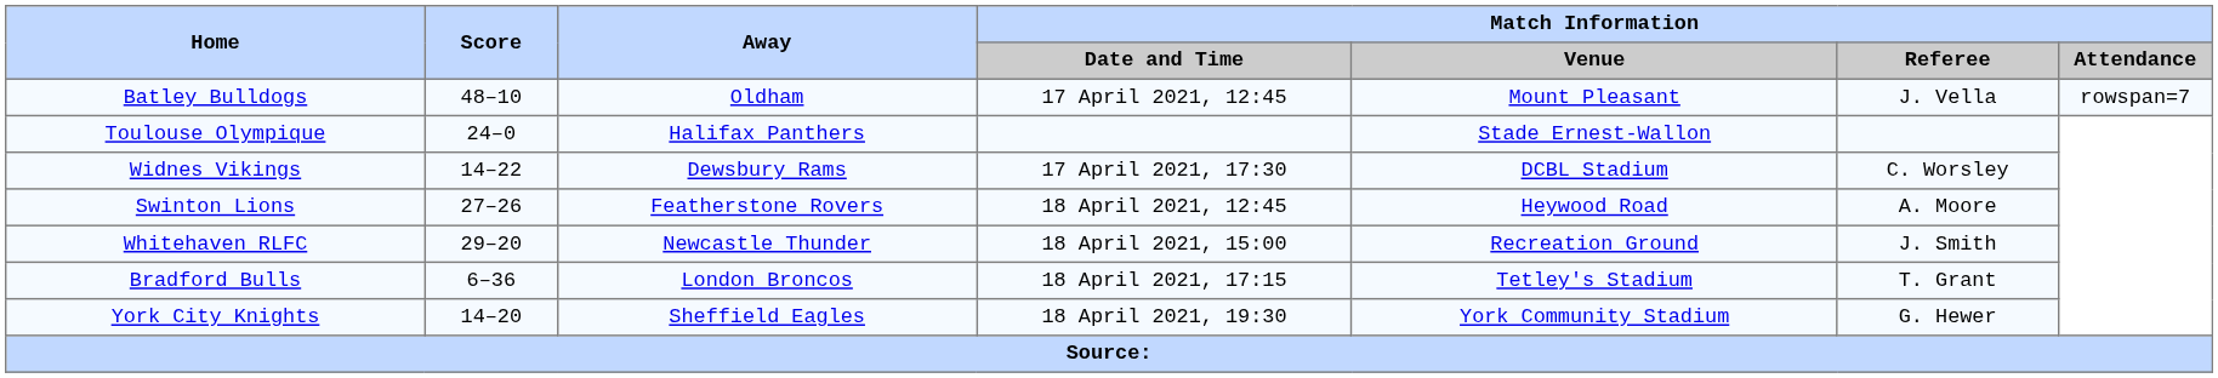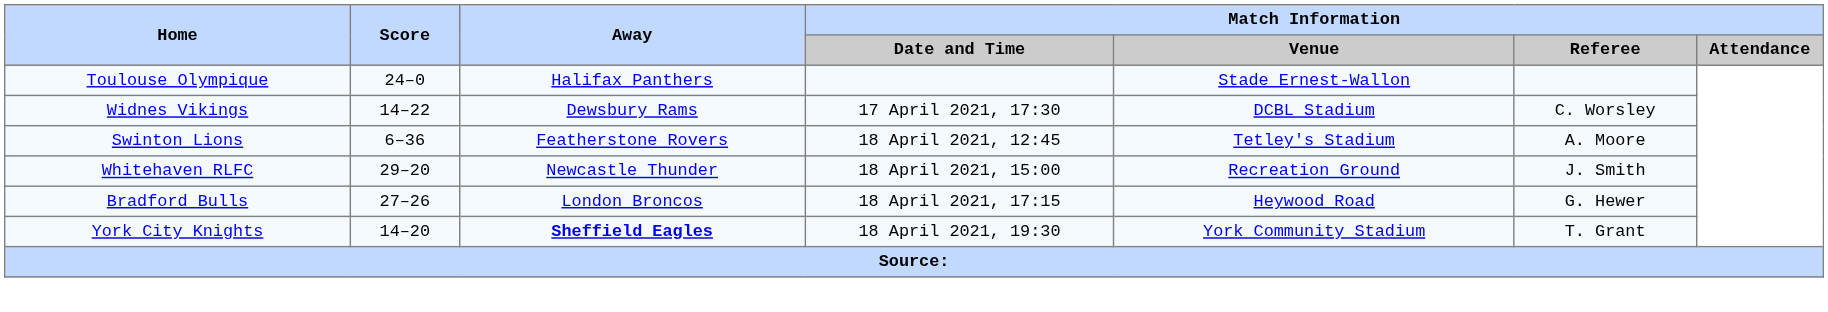 <table border=1 style="border-collapse:collapse; font-size:90%; text-align:center;" cellpadding=3 cellspacing=0 width=100%>
 <tr style="background:#C1D8ff;">
 <th scope="col" rowspan=2 width=19%>Home</th>
 <th scope="col" rowspan=2 width=6%>Score</th>
 <th scope="col" rowspan=2 width=19%>Away</th>
 <th colspan=4>Match Information</th>
 </tr>
 <tr style="background:#CCCCCC;">
 <th scope="col" width=17%>Date and Time</th>
 <th scope="col" width=22%>Venue</th>
 <th scope="col" width=10%>Referee</th>
 <th scope="col" width=7%>Attendance</th>
-</tr>
-<tr style="background:#F5FAFF;">
-<td> <a href='#'>Batley Bulldogs</a></td>
-<td>48–10</td>
-<td> <a href='#'>Oldham</a></td>
-<td>17 April 2021, 12:45</td>
-<td><a href='#'>Mount Pleasant</a></td>
-<td>J. Vella</td>
-<td>rowspan=7</td>
 </tr>
 <tr style="background:#F5FAFF;">
 <td> <a href='#'>Toulouse Olympique</a></td>
 <td>24–0</td>
 <td> <a href='#'>Halifax Panthers</a></td>
 <td></td>
 <td><a href='#'>Stade Ernest-Wallon</a></td>
 <td></td>
 </tr>
 <tr style="background:#F5FAFF;">
 <td> <a href='#'>Widnes Vikings</a></td>
 <td>14–22</td>
 <td> <a href='#'>Dewsbury Rams</a></td>
 <td>17 April 2021, 17:30</td>
 <td><a href='#'>DCBL Stadium</a></td>
 <td>C. Worsley</td>
 </tr>
 <tr style="background:#F5FAFF;">
 <td> <a href='#'>Swinton Lions</a></td>
-<td>27–26</td>
+<td>6–36</td>
 <td> <a href='#'>Featherstone Rovers</a></td>
 <td>18 April 2021, 12:45</td>
-<td><a href='#'>Heywood Road</a></td>
+<td><a href='#'>Tetley's Stadium</a></td>
 <td>A. Moore</td>
 </tr>
 <tr style="background:#F5FAFF;">
 <td> <a href='#'>Whitehaven RLFC</a></td>
 <td>29–20</td>
 <td> <a href='#'>Newcastle Thunder</a></td>
 <td>18 April 2021, 15:00</td>
 <td><a href='#'>Recreation Ground</a></td>
 <td>J. Smith</td>
 </tr>
 <tr style="background:#F5FAFF;">
 <td> <a href='#'>Bradford Bulls</a></td>
-<td>6–36</td>
+<td>27–26</td>
 <td> <a href='#'>London Broncos</a></td>
 <td>18 April 2021, 17:15</td>
-<td><a href='#'>Tetley's Stadium</a></td>
-<td>T. Grant</td>
+<td><a href='#'>Heywood Road</a></td>
+<td>G. Hewer</td>
 </tr>
 <tr style="background:#F5FAFF;">
 <td> <a href='#'>York City Knights</a></td>
 <td>14–20</td>
-<td> <a href='#'>Sheffield Eagles</a></td>
+<td><strong> <a href='#'>Sheffield Eagles</a></strong></td>
 <td>18 April 2021, 19:30</td>
 <td><a href='#'>York Community Stadium</a></td>
-<td>G. Hewer</td>
+<td>T. Grant</td>
 </tr>
 <tr style="background:#c1d8ff;">
 <th colspan=7>Source:</th>
 </tr>
 </table>
